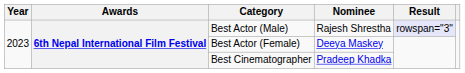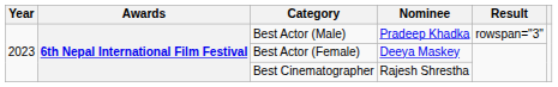 <table class="wikitable plainrowheaders">
 <tr>
 <th scope="col">Year</th>
 <th scope="col">Awards</th>
 <th scope="col">Category</th>
 <th scope="col">Nominee</th>
 <th scope="col">Result</th>
 <th scope="col" class="unsortable"></th>
 </tr>
 <tr>
 <td rowspan="3">2023</td>
 <th rowspan="3" scope="row"><a href='#'>6th Nepal International Film Festival</a></th>
 <td>Best Actor (Male)</td>
-<td>Rajesh Shrestha</td>
-<td style="background: lavender;">rowspan="3" </td>
+<td><a href='#'>Pradeep Khadka</a></td>
+<td>rowspan="3" </td>
 <td rowspan="3" style="text-align:center;"></td>
 </tr>
 <tr>
 <td>Best Actor (Female)</td>
 <td><a href='#'>Deeya Maskey</a></td>
 </tr>
 <tr>
 <td>Best Cinematographer</td>
-<td><a href='#'>Pradeep Khadka</a></td>
+<td>Rajesh Shrestha</td>
 </tr>
 </table>
